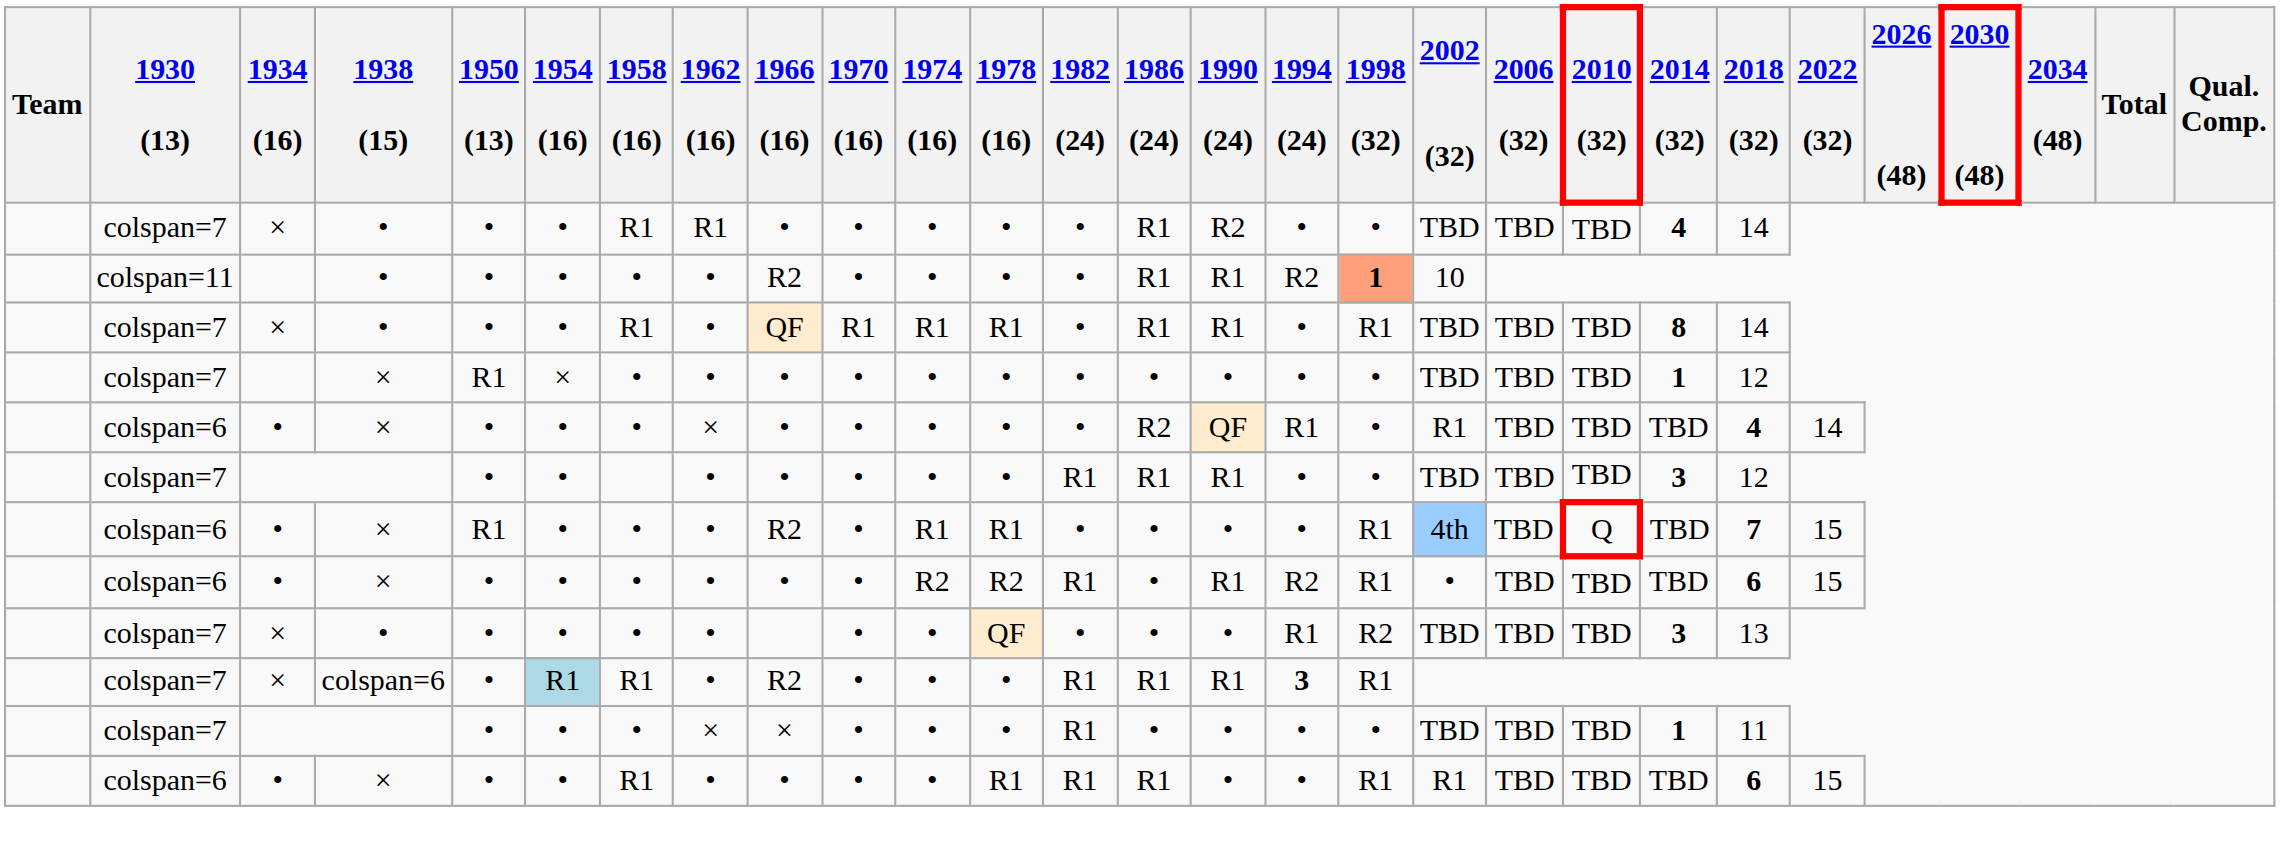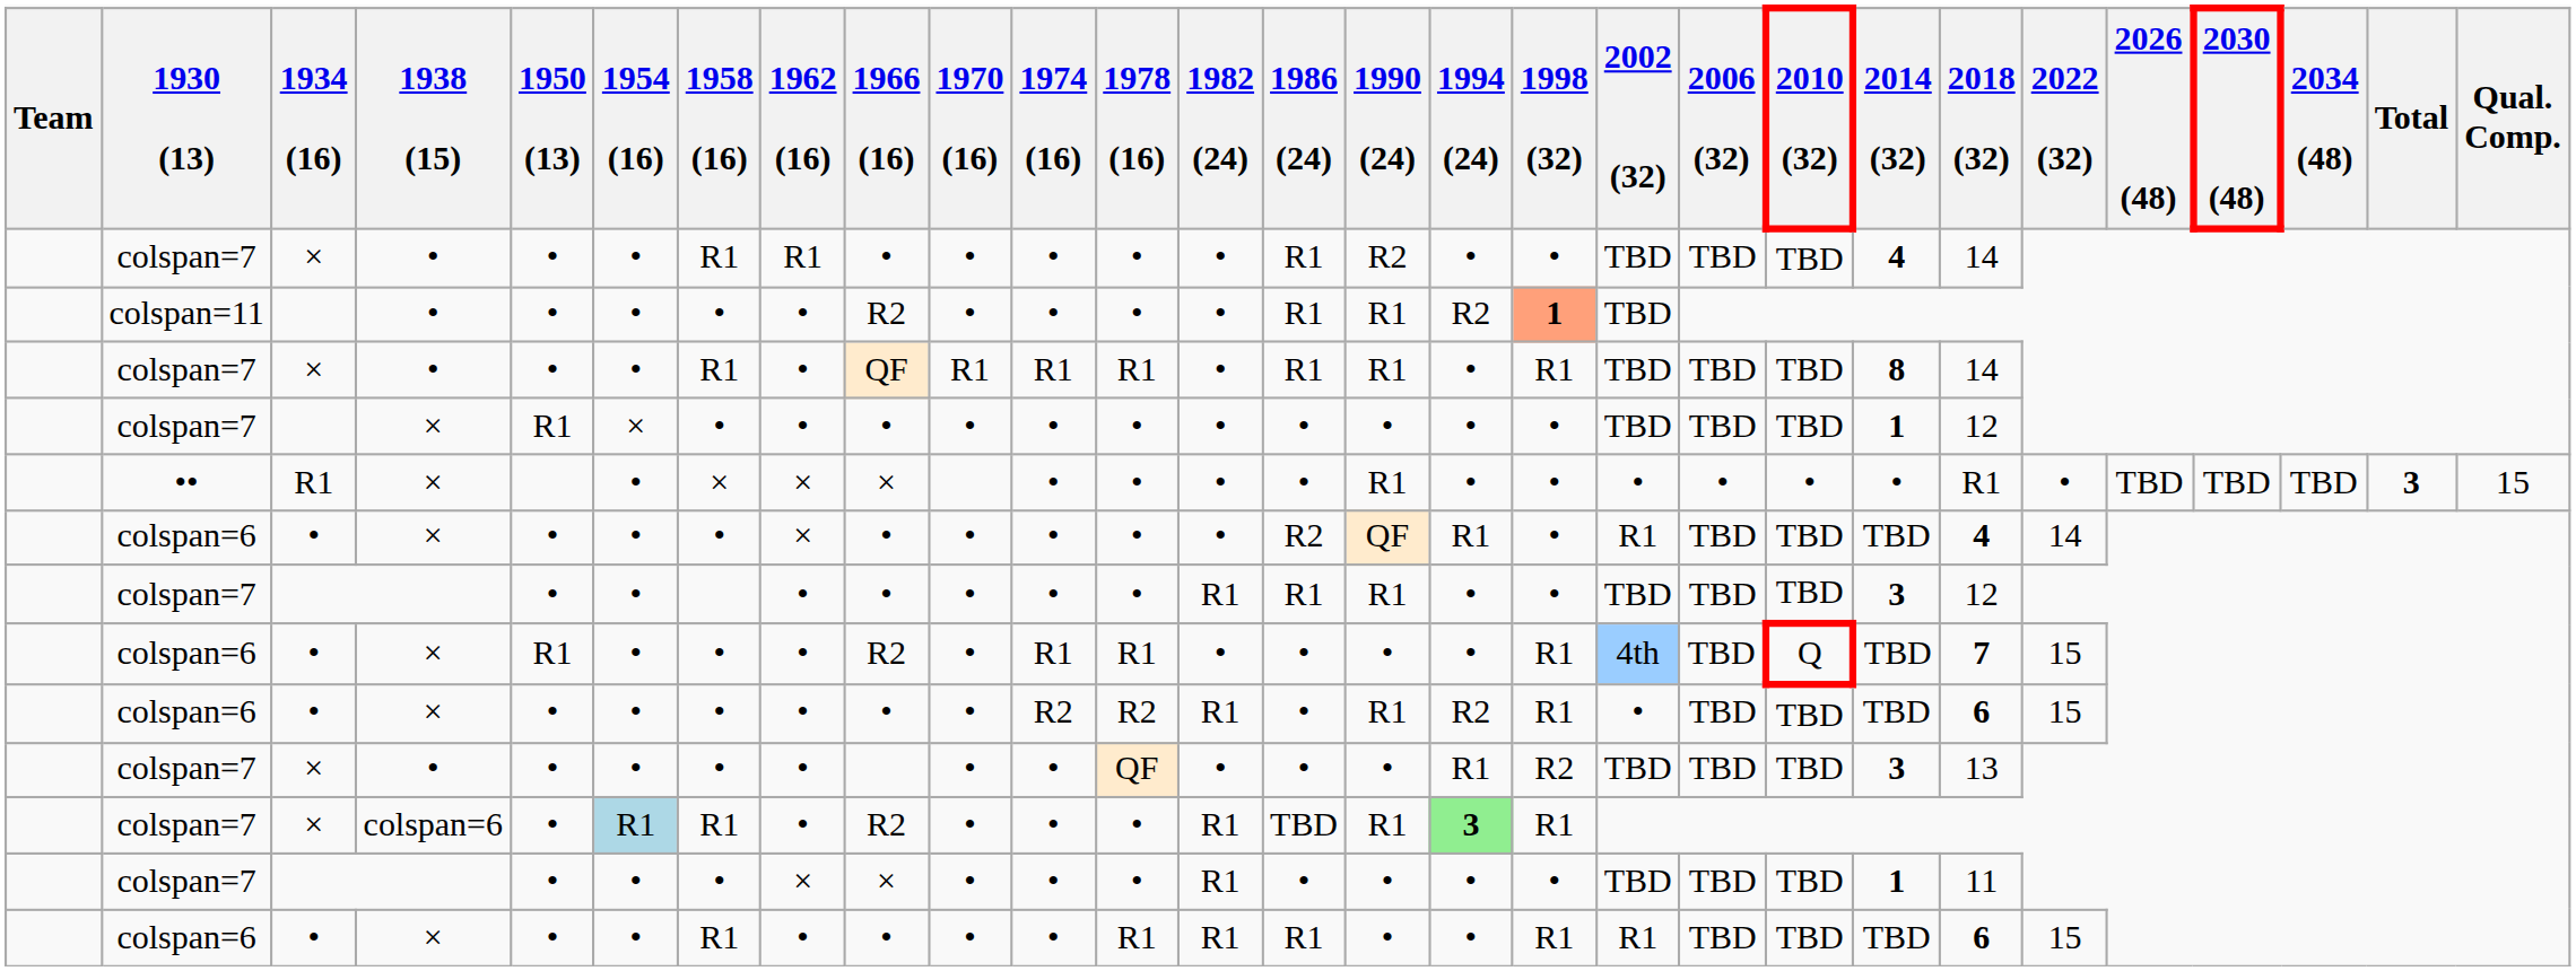 <table class="wikitable" style="text-align:center; font-size:90%">
 <tr>
 <th>Team</th>
 <th><a href='#'>1930</a><br><br>(13)</th>
 <th><a href='#'>1934</a><br><br>(16)</th>
 <th><a href='#'>1938</a><br><br>(15)</th>
 <th><a href='#'>1950</a><br><br>(13)</th>
 <th><a href='#'>1954</a><br><br>(16)</th>
 <th><a href='#'>1958</a><br><br>(16)</th>
 <th><a href='#'>1962</a><br><br>(16)</th>
 <th><a href='#'>1966</a><br><br>(16)</th>
 <th><a href='#'>1970</a><br><br>(16)</th>
 <th><a href='#'>1974</a><br><br>(16)</th>
 <th><a href='#'>1978</a><br><br>(16)</th>
 <th><a href='#'>1982</a><br><br>(24)</th>
 <th><a href='#'>1986</a><br><br>(24)</th>
 <th><a href='#'>1990</a><br><br>(24)</th>
 <th><a href='#'>1994</a><br><br>(24)</th>
 <th><a href='#'>1998</a><br><br>(32)</th>
 <th><a href='#'>2002</a><br><br><br>(32)</th>
 <th><a href='#'>2006</a><br><br>(32)</th>
 <th style="border: 3px solid red"><a href='#'>2010</a><br><br>(32)</th>
 <th><a href='#'>2014</a><br><br>(32)</th>
 <th><a href='#'>2018</a><br><br>(32)</th>
 <th><a href='#'>2022</a><br><br>(32)</th>
 <th><a href='#'>2026</a><br><br><br><br>(48)</th>
 <th style="border: 3px solid red"><a href='#'>2030</a><br><br><br><br>(48)</th>
 <th><a href='#'>2034</a><br><br>(48)</th>
 <th>Total</th>
 <th>Qual.<br>Comp.</th>
 </tr>
 <tr>
 <td align=left></td>
 <td>colspan=7 </td>
 <td>×</td>
 <td>•</td>
 <td>•</td>
 <td>•</td>
 <td>R1<br></td>
 <td>R1<br></td>
 <td>•</td>
 <td>•</td>
 <td>•</td>
 <td>•</td>
 <td>•</td>
 <td>R1<br></td>
 <td>R2<br></td>
 <td>•</td>
 <td>•</td>
 <td>TBD</td>
 <td>TBD</td>
 <td>TBD</td>
 <td><strong>4</strong></td>
 <td>14</td>
 </tr>
 <tr>
 <td align=left></td>
 <td>colspan=11 </td>
 <td></td>
 <td>•</td>
 <td>•</td>
 <td>•</td>
 <td>•</td>
 <td>•</td>
 <td>R2<br></td>
 <td>•</td>
 <td>•</td>
 <td>•</td>
 <td>•</td>
 <td>R1<br></td>
 <td>R1<br></td>
 <td>R2<br></td>
 <td style="background: lightsalmon;"><strong>1</strong></td>
-<td>10</td>
+<td>TBD</td>
 </tr>
 <tr>
 <td align=left></td>
 <td>colspan=7 </td>
 <td>×</td>
 <td>•</td>
 <td>•</td>
 <td>•</td>
 <td>R1<br></td>
 <td>•</td>
 <td bgcolor=#ffebcd>QF<br></td>
 <td>R1<br></td>
 <td>R1<br></td>
 <td>R1<br></td>
 <td>•</td>
 <td>R1<br></td>
 <td>R1<br></td>
 <td>•</td>
 <td>R1<br></td>
 <td>TBD</td>
 <td>TBD</td>
 <td>TBD</td>
 <td><strong>8</strong></td>
 <td>14</td>
 </tr>
 <tr>
 <td align=left></td>
 <td>colspan=7 </td>
 <td></td>
 <td>×</td>
 <td>R1<br></td>
 <td>×</td>
 <td>•</td>
 <td>•</td>
 <td>•</td>
 <td>•</td>
 <td>•</td>
 <td>•</td>
 <td>•</td>
 <td>•</td>
 <td>•</td>
 <td>•</td>
 <td>•</td>
 <td>TBD</td>
 <td>TBD</td>
 <td>TBD</td>
 <td><strong>1</strong></td>
 <td>12</td>
+</tr>
+<tr>
+<td align=left></td>
+<td>••</td>
+<td>R1<br></td>
+<td>×</td>
+<td></td>
+<td>•</td>
+<td>×</td>
+<td>×</td>
+<td>×</td>
+<td></td>
+<td>•</td>
+<td>•</td>
+<td>•</td>
+<td>•</td>
+<td>R1<br></td>
+<td>•</td>
+<td>•</td>
+<td>•</td>
+<td>•</td>
+<td>•</td>
+<td>•</td>
+<td>R1<br></td>
+<td>•</td>
+<td>TBD</td>
+<td>TBD</td>
+<td>TBD</td>
+<td><strong>3</strong></td>
+<td>15</td>
 </tr>
 <tr>
 <td align=left></td>
 <td>colspan=6 </td>
 <td>•</td>
 <td>×</td>
 <td>•</td>
 <td>•</td>
 <td>•</td>
 <td>×</td>
 <td>•</td>
 <td>•</td>
 <td>•</td>
 <td>•</td>
 <td>•</td>
 <td>R2<br></td>
 <td bgcolor=#ffebcd>QF<br></td>
 <td>R1<br></td>
 <td>•</td>
 <td>R1<br></td>
 <td>TBD</td>
 <td>TBD</td>
 <td>TBD</td>
 <td><strong>4</strong></td>
 <td>14</td>
 </tr>
 <tr>
 <td align=left></td>
 <td>colspan=7 </td>
 <td colspan=2></td>
 <td>•</td>
 <td>•</td>
 <td></td>
 <td>•</td>
 <td>•</td>
 <td>•</td>
 <td>•</td>
 <td>•</td>
 <td>R1<br></td>
 <td>R1<br></td>
 <td>R1<br></td>
 <td>•</td>
 <td>•</td>
 <td>TBD</td>
 <td>TBD</td>
 <td>TBD</td>
 <td><strong>3</strong></td>
 <td>12</td>
 </tr>
 <tr>
 <td align=left></td>
 <td>colspan=6 </td>
 <td>•</td>
 <td>×</td>
 <td>R1<br></td>
 <td>•</td>
 <td>•</td>
 <td>•</td>
 <td>R2<br></td>
 <td>•</td>
 <td>R1<br></td>
 <td>R1<br></td>
 <td>•</td>
 <td>•</td>
 <td>•</td>
 <td>•</td>
 <td>R1<br></td>
 <td bgcolor=#9acdff>4th</td>
 <td>TBD</td>
 <td style="border: 3px solid red">Q</td>
 <td>TBD</td>
 <td><strong>7</strong></td>
 <td>15</td>
 </tr>
 <tr>
 <td align=left></td>
 <td>colspan=6 </td>
 <td>•</td>
 <td>×</td>
 <td>•</td>
 <td>•</td>
 <td>•</td>
 <td>•</td>
 <td>•</td>
 <td>•</td>
 <td>R2<br></td>
 <td>R2<br></td>
 <td>R1<br></td>
 <td>•</td>
 <td>R1<br></td>
 <td>R2<br></td>
 <td>R1<br></td>
 <td>•</td>
 <td>TBD</td>
 <td>TBD</td>
 <td>TBD</td>
 <td><strong>6</strong></td>
 <td>15</td>
 </tr>
 <tr>
 <td align=left></td>
 <td>colspan=7 </td>
 <td>×</td>
 <td>•</td>
 <td>•</td>
 <td>•</td>
 <td>•</td>
 <td>•</td>
 <td></td>
 <td>•</td>
 <td>•</td>
 <td bgcolor=#ffebcd>QF<br></td>
 <td>•</td>
 <td>•</td>
 <td>•</td>
 <td>R1<br></td>
 <td>R2<br></td>
 <td>TBD</td>
 <td>TBD</td>
 <td>TBD</td>
 <td><strong>3</strong></td>
 <td>13</td>
 </tr>
 <tr>
 <td align=left></td>
 <td>colspan=7 </td>
 <td>×</td>
 <td>colspan=6 </td>
 <td>•</td>
 <td style="background: lightblue;">R1<br></td>
 <td>R1<br></td>
 <td>•</td>
 <td>R2<br></td>
 <td>•</td>
 <td>•</td>
 <td>•</td>
 <td>R1<br></td>
+<td>TBD</td>
 <td>R1<br></td>
-<td>R1<br></td>
-<td><strong>3</strong></td>
+<td style="background: lightgreen;"><strong>3</strong></td>
 <td>R1<br></td>
 </tr>
 <tr>
 <td align=left></td>
 <td>colspan=7 </td>
 <td colspan=2></td>
 <td>•</td>
 <td>•</td>
 <td>•</td>
 <td>×</td>
 <td>×</td>
 <td>•</td>
 <td>•</td>
 <td>•</td>
 <td>R1<br></td>
 <td>•</td>
 <td>•</td>
 <td>•</td>
 <td>•</td>
 <td>TBD</td>
 <td>TBD</td>
 <td>TBD</td>
 <td><strong>1</strong></td>
 <td>11</td>
 </tr>
 <tr>
 <td align=left></td>
 <td>colspan=6 </td>
 <td>•</td>
 <td>×</td>
 <td>•</td>
 <td>•</td>
 <td>R1<br></td>
 <td>•</td>
 <td>•</td>
 <td>•</td>
 <td>•</td>
 <td>R1<br></td>
 <td>R1<br></td>
 <td>R1<br></td>
 <td>•</td>
 <td>•</td>
 <td>R1<br></td>
 <td>R1<br></td>
 <td>TBD</td>
 <td>TBD</td>
 <td>TBD</td>
 <td><strong>6</strong></td>
 <td>15</td>
 </tr>
 </table>
